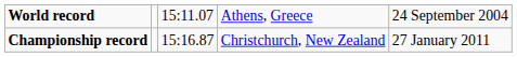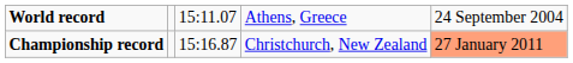 <table class="wikitable">
 <tr>
 <td><strong>World record</strong></td>
 <td></td>
 <td>15:11.07</td>
 <td><a href='#'>Athens</a>, <a href='#'>Greece</a></td>
 <td>24 September 2004</td>
 </tr>
 <tr>
 <td><strong>Championship record</strong></td>
 <td></td>
 <td>15:16.87</td>
 <td><a href='#'>Christchurch</a>, <a href='#'>New Zealand</a></td>
-<td>27 January 2011</td>
+<td style="background: lightsalmon;">27 January 2011</td>
 </tr>
 </table>
